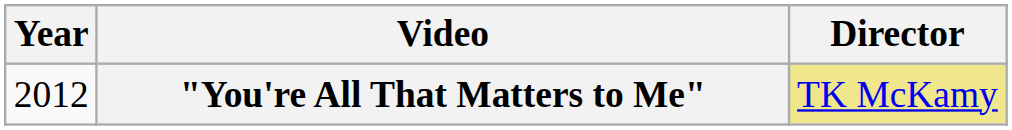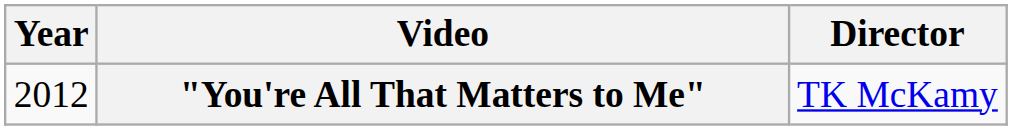 <table class="wikitable plainrowheaders">
 <tr>
 <th>Year</th>
 <th style="width:18em;">Video</th>
 <th>Director</th>
 </tr>
 <tr>
 <td>2012</td>
 <th scope="row">"You're All That Matters to Me"</th>
-<td style="background: khaki;"><a href='#'>TK McKamy</a></td>
+<td><a href='#'>TK McKamy</a></td>
 </tr>
 </table>
